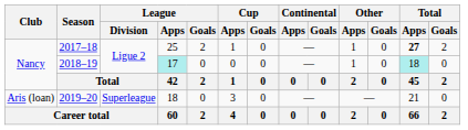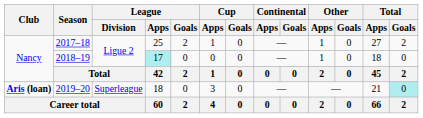 <table class="wikitable" style="text-align:center">
 <tr>
 <th rowspan="2">Club</th>
 <th rowspan="2">Season</th>
 <th colspan="3">League</th>
 <th colspan="2">Cup</th>
 <th colspan="2">Continental</th>
 <th colspan="2">Other</th>
 <th colspan="2">Total</th>
 </tr>
 <tr>
 <th>Division</th>
 <th>Apps</th>
 <th>Goals</th>
 <th>Apps</th>
 <th>Goals</th>
 <th>Apps</th>
 <th>Goals</th>
 <th>Apps</th>
 <th>Goals</th>
 <th>Apps</th>
 <th>Goals</th>
 </tr>
 <tr>
 <td rowspan="3"><a href='#'>Nancy</a></td>
 <td><a href='#'>2017–18</a></td>
 <td rowspan="2"><a href='#'>Ligue 2</a></td>
 <td>25</td>
 <td>2</td>
 <td>1</td>
 <td>0</td>
 <td colspan="2">—</td>
 <td>1</td>
 <td>0</td>
-<td><strong>27</strong></td>
+<td>27</td>
 <td>2</td>
 </tr>
 <tr>
 <td><a href='#'>2018–19</a></td>
 <td style="background: paleturquoise;">17</td>
 <td>0</td>
 <td>0</td>
 <td>0</td>
 <td colspan="2">—</td>
 <td>1</td>
 <td>0</td>
-<td style="background: paleturquoise;">18</td>
+<td>18</td>
 <td>0</td>
 </tr>
 <tr>
 <th colspan="2">Total</th>
 <th>42</th>
 <th>2</th>
 <th>1</th>
 <th>0</th>
 <th>0</th>
 <th>0</th>
 <th>2</th>
 <th>0</th>
 <th>45</th>
 <th>2</th>
 </tr>
 <tr>
-<td><a href='#'>Aris</a> (loan)</td>
+<td><strong><a href='#'>Aris</a> (loan)</strong></td>
 <td><a href='#'>2019–20</a></td>
 <td><a href='#'>Superleague</a></td>
 <td>18</td>
 <td>0</td>
 <td>3</td>
 <td>0</td>
 <td colspan="2">—</td>
 <td colspan="2">—</td>
 <td>21</td>
-<td>0</td>
+<td style="background: paleturquoise;">0</td>
 </tr>
 <tr>
 <th colspan="3">Career total</th>
 <th>60</th>
 <th>2</th>
 <th>4</th>
 <th>0</th>
 <th>0</th>
 <th>0</th>
 <th>2</th>
 <th>0</th>
 <th>66</th>
 <th>2</th>
 </tr>
 </table>
